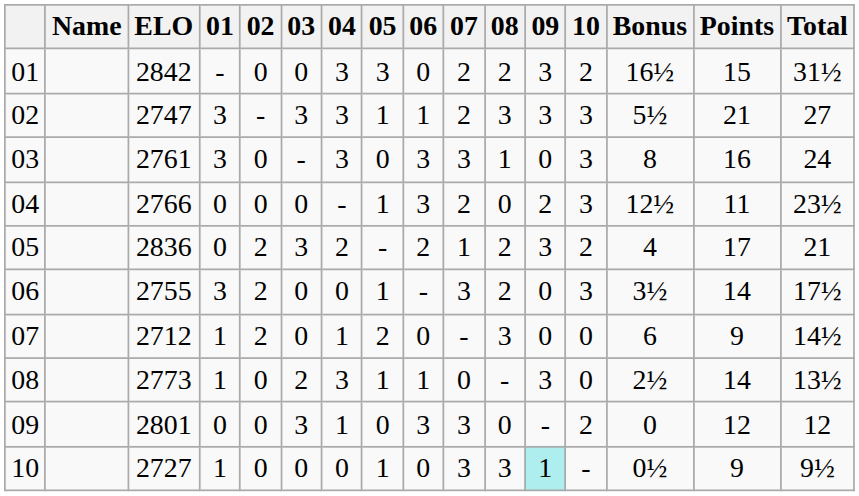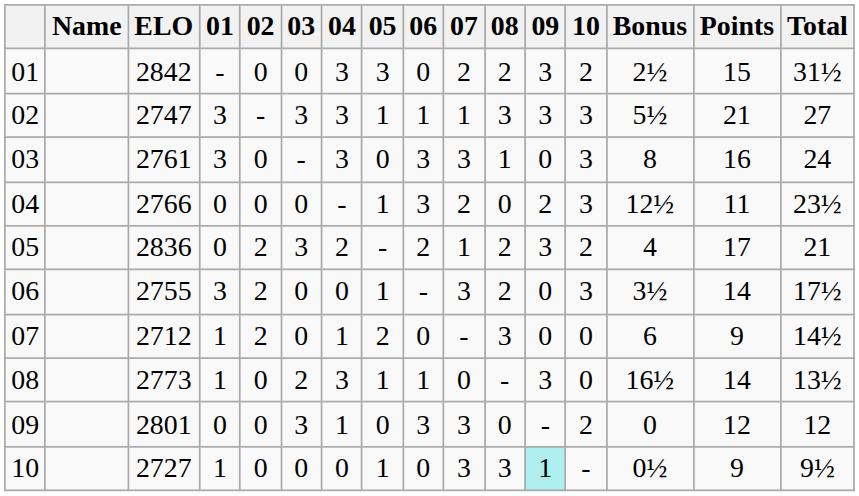 <table class="wikitable sortable" style="text-align:center;">
 <tr>
 <th></th>
 <th>Name</th>
 <th>ELO</th>
 <th>01</th>
 <th>02</th>
 <th>03</th>
 <th>04</th>
 <th>05</th>
 <th>06</th>
 <th>07</th>
 <th>08</th>
 <th>09</th>
 <th>10</th>
 <th>Bonus</th>
 <th>Points</th>
 <th>Total</th>
 </tr>
 <tr>
 <td>01</td>
 <td style="text-align:left;" data-sort-value="Carlsen"></td>
 <td>2842</td>
 <td>-</td>
 <td>0</td>
 <td>0</td>
 <td>3</td>
 <td>3</td>
 <td>0</td>
 <td>2</td>
 <td>2</td>
 <td>3</td>
 <td>2</td>
-<td>16½</td>
+<td>2½</td>
 <td>15</td>
 <td>31½</td>
 </tr>
 <tr>
 <td>02</td>
 <td style="text-align:left;" data-sort-value="Radjabov"></td>
 <td>2747</td>
 <td>3</td>
 <td>-</td>
 <td>3</td>
 <td>3</td>
 <td>1</td>
 <td>1</td>
-<td>2</td>
+<td>1</td>
 <td>3</td>
 <td>3</td>
 <td>3</td>
 <td>5½</td>
 <td>21</td>
 <td>27</td>
 </tr>
 <tr>
 <td>03</td>
 <td style="text-align:left;" data-sort-value="Aronian"></td>
 <td>2761</td>
 <td>3</td>
 <td>0</td>
 <td>-</td>
 <td>3</td>
 <td>0</td>
 <td>3</td>
 <td>3</td>
 <td>1</td>
 <td>0</td>
 <td>3</td>
 <td>8</td>
 <td>16</td>
 <td>24</td>
 </tr>
 <tr>
 <td>04</td>
 <td style="text-align:left;" data-sort-value="So"></td>
 <td>2766</td>
 <td>0</td>
 <td>0</td>
 <td>0</td>
 <td>-</td>
 <td>1</td>
 <td>3</td>
 <td>2</td>
 <td>0</td>
 <td>2</td>
 <td>3</td>
 <td>12½</td>
 <td>11</td>
 <td>23½</td>
 </tr>
 <tr>
 <td>05</td>
 <td style="text-align:left;" data-sort-value="Nakamura"></td>
 <td>2836</td>
 <td>0</td>
 <td>2</td>
 <td>3</td>
 <td>2</td>
 <td>-</td>
 <td>2</td>
 <td>1</td>
 <td>2</td>
 <td>3</td>
 <td>2</td>
 <td>4</td>
 <td>17</td>
 <td>21</td>
 </tr>
 <tr>
 <td>06</td>
 <td style="text-align:left;" data-sort-value="Artemiev"></td>
 <td>2755</td>
 <td>3</td>
 <td>2</td>
 <td>0</td>
 <td>0</td>
 <td>1</td>
 <td>-</td>
 <td>3</td>
 <td>2</td>
 <td>0</td>
 <td>3</td>
 <td>3½</td>
 <td>14</td>
 <td>17½</td>
 </tr>
 <tr>
 <td>07</td>
 <td style="text-align:left;" data-sort-value="Giri"></td>
 <td>2712</td>
 <td>1</td>
 <td>2</td>
 <td>0</td>
 <td>1</td>
 <td>2</td>
 <td>0</td>
 <td>-</td>
 <td>3</td>
 <td>0</td>
 <td>0</td>
 <td>6</td>
 <td>9</td>
 <td>14½</td>
 </tr>
 <tr>
 <td>08</td>
 <td style="text-align:left;" data-sort-value="Vachier"></td>
 <td>2773</td>
 <td>1</td>
 <td>0</td>
 <td>2</td>
 <td>3</td>
 <td>1</td>
 <td>1</td>
 <td>0</td>
 <td>-</td>
 <td>3</td>
 <td>0</td>
-<td>2½</td>
+<td>16½</td>
 <td>14</td>
 <td>13½</td>
 </tr>
 <tr>
 <td>09</td>
 <td style="text-align:left;" data-sort-value="Duda"></td>
 <td>2801</td>
 <td>0</td>
 <td>0</td>
 <td>3</td>
 <td>1</td>
 <td>0</td>
 <td>3</td>
 <td>3</td>
 <td>0</td>
 <td>-</td>
 <td>2</td>
 <td>0</td>
 <td>12</td>
 <td>12</td>
 </tr>
 <tr>
 <td>10</td>
 <td style="text-align:left;" data-sort-value="Mamedyarov"></td>
 <td>2727</td>
 <td>1</td>
 <td>0</td>
 <td>0</td>
 <td>0</td>
 <td>1</td>
 <td>0</td>
 <td>3</td>
 <td>3</td>
 <td style="background: paleturquoise;">1</td>
 <td>-</td>
 <td>0½</td>
 <td>9</td>
 <td>9½</td>
 </tr>
 </table>
